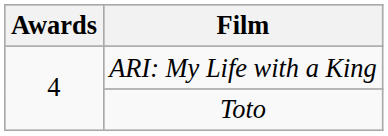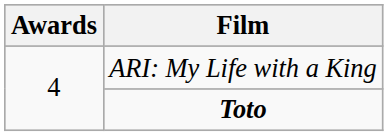 <table class="wikitable" style="text-align:center">
 <tr>
 <th scope="col">Awards</th>
 <th scope="col">Film</th>
 </tr>
 <tr>
 <td rowspan=2>4</td>
 <td><em>ARI: My Life with a King</em></td>
 </tr>
 <tr>
-<td><em>Toto</em></td>
+<td><strong><em>Toto</em></strong></td>
 </tr>
 </table>
